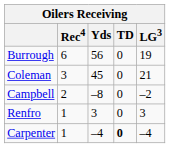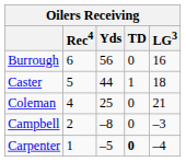 <table class="wikitable">
 <tr>
 <th colspan="5">Oilers Receiving</th>
 </tr>
 <tr>
 <th></th>
 <th>Rec<sup>4</sup></th>
 <th>Yds</th>
 <th>TD</th>
 <th>LG<sup>3</sup></th>
 </tr>
 <tr>
 <td><a href='#'>Burrough</a></td>
 <td>6</td>
 <td>56</td>
 <td>0</td>
-<td>19</td>
+<td>16</td>
+</tr>
+<tr>
+<td><a href='#'>Caster</a></td>
+<td>5</td>
+<td>44</td>
+<td>1</td>
+<td>18</td>
 </tr>
 <tr>
 <td><a href='#'>Coleman</a></td>
-<td>3</td>
-<td>45</td>
+<td>4</td>
+<td>25</td>
 <td>0</td>
 <td>21</td>
 </tr>
 <tr>
 <td><a href='#'>Campbell</a></td>
 <td>2</td>
 <td>–8</td>
 <td>0</td>
-<td>–2</td>
-</tr>
-<tr>
-<td><a href='#'>Renfro</a></td>
-<td>1</td>
-<td>3</td>
-<td>0</td>
-<td>3</td>
+<td>–3</td>
 </tr>
 <tr>
 <td><a href='#'>Carpenter</a></td>
 <td>1</td>
-<td>–4</td>
+<td>–5</td>
 <td><strong>0</strong></td>
 <td>–4</td>
 </tr>
 </table>
